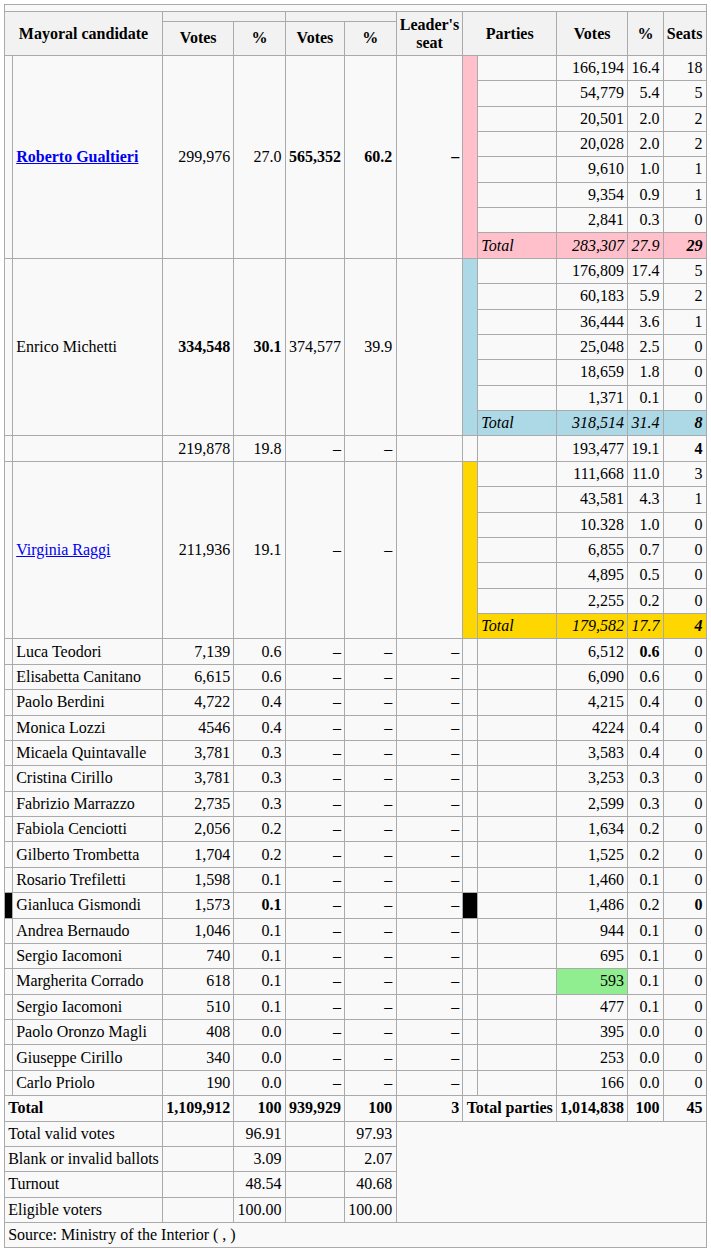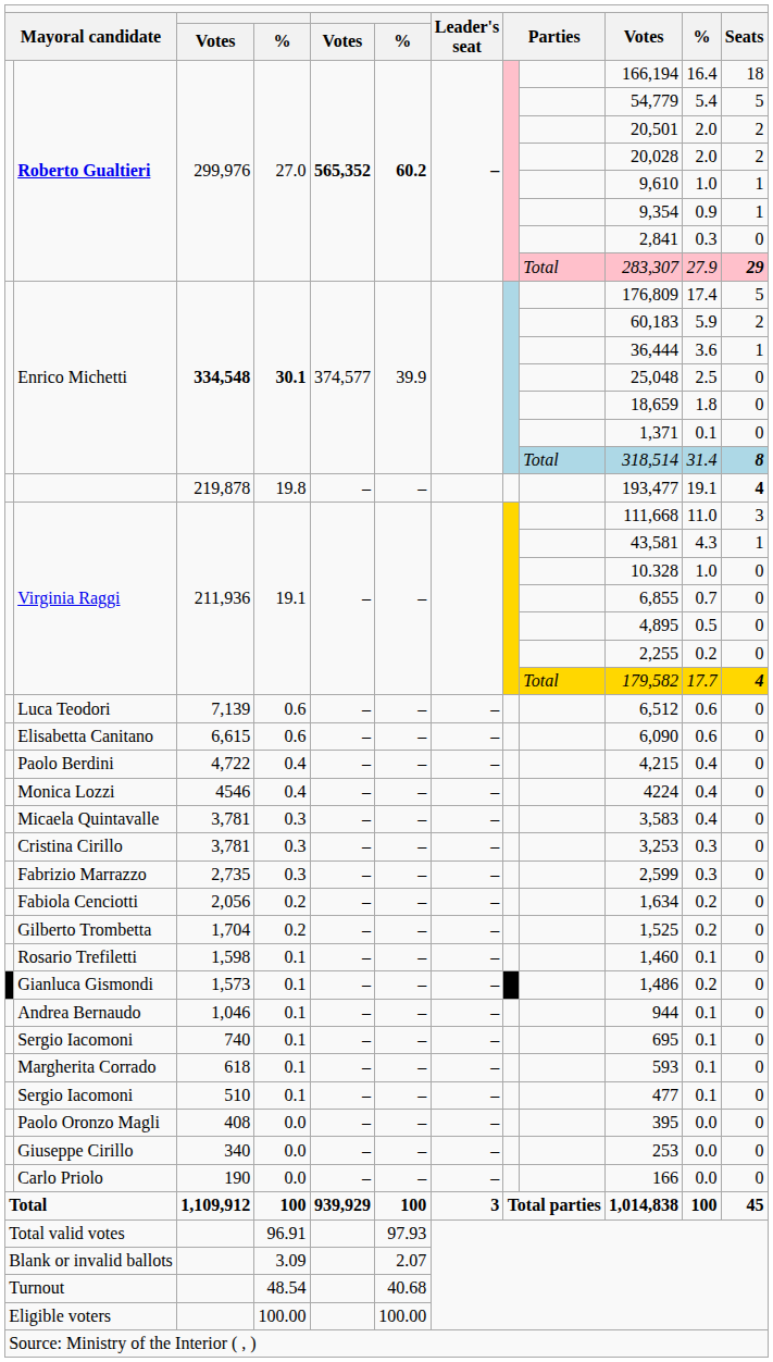 <table class="wikitable" style="text-align:right;">
 <tr>
 <td colspan=12 align=center></td>
 </tr>
 <tr>
 <th colspan=2 rowspan=2>Mayoral candidate</th>
 <th colspan=2></th>
 <th colspan=2></th>
 <th rowspan=2>Leader's<br>seat</th>
 <th colspan=2 rowspan=2>Parties</th>
 <th rowspan=2>Votes</th>
 <th rowspan=2>%</th>
 <th rowspan=2>Seats</th>
 </tr>
 <tr>
 <th>Votes</th>
 <th>%</th>
 <th>Votes</th>
 <th>%</th>
 </tr>
 <tr>
 <td rowspan=8></td>
 <td rowspan=8 align=left><strong><a href='#'>Roberto Gualtieri</a></strong></td>
 <td rowspan=8>299,976</td>
 <td rowspan=8>27.0</td>
 <td rowspan=8><strong>565,352</strong></td>
 <td rowspan=8><strong>60.2</strong></td>
 <td rowspan=8><strong>–</strong></td>
 <td rowspan=8 bgcolor=pink></td>
 <td align=left></td>
 <td>166,194</td>
 <td>16.4</td>
 <td>18</td>
 </tr>
 <tr>
 <td align=left></td>
 <td>54,779</td>
 <td>5.4</td>
 <td>5</td>
 </tr>
 <tr>
 <td align=left></td>
 <td>20,501</td>
 <td>2.0</td>
 <td>2</td>
 </tr>
 <tr>
 <td align=left></td>
 <td>20,028</td>
 <td>2.0</td>
 <td>2</td>
 </tr>
 <tr>
 <td align=left></td>
 <td>9,610</td>
 <td>1.0</td>
 <td>1</td>
 </tr>
 <tr>
 <td align=left></td>
 <td>9,354</td>
 <td>0.9</td>
 <td>1</td>
 </tr>
 <tr>
 <td align=left></td>
 <td>2,841</td>
 <td>0.3</td>
 <td>0</td>
 </tr>
 <tr>
 <td bgcolor=pink align=left><em>Total</em></td>
 <td bgcolor=pink align=right><em>283,307</em></td>
 <td bgcolor=pink align=right><em>27.9</em></td>
 <td bgcolor=pink align=right><strong><em>29</em></strong></td>
 </tr>
 <tr>
 <td rowspan=7></td>
 <td rowspan=7 align=left>Enrico Michetti</td>
 <td rowspan=7><strong>334,548</strong></td>
 <td rowspan=7><strong>30.1</strong></td>
 <td rowspan=7>374,577</td>
 <td rowspan=7>39.9</td>
 <td rowspan=7></td>
 <td rowspan=7 bgcolor=lightblue></td>
 <td align=left></td>
 <td>176,809</td>
 <td>17.4</td>
 <td>5</td>
 </tr>
 <tr>
 <td align=left></td>
 <td>60,183</td>
 <td>5.9</td>
 <td>2</td>
 </tr>
 <tr>
 <td align=left></td>
 <td>36,444</td>
 <td>3.6</td>
 <td>1</td>
 </tr>
 <tr>
 <td align=left></td>
 <td>25,048</td>
 <td>2.5</td>
 <td>0</td>
 </tr>
 <tr>
 <td align=left></td>
 <td>18,659</td>
 <td>1.8</td>
 <td>0</td>
 </tr>
 <tr>
 <td align=left></td>
 <td>1,371</td>
 <td>0.1</td>
 <td>0</td>
 </tr>
 <tr>
 <td bgcolor=lightblue align=left><em>Total</em></td>
 <td bgcolor=lightblue align=right><em>318,514</em></td>
 <td bgcolor=lightblue align=right><em>31.4</em></td>
 <td bgcolor=lightblue align=right><strong><em>8</em></strong></td>
 </tr>
 <tr>
 <td></td>
 <td align=left></td>
 <td>219,878</td>
 <td>19.8</td>
 <td>–</td>
 <td>–</td>
 <td></td>
 <td></td>
 <td align=left></td>
 <td>193,477</td>
 <td>19.1</td>
 <td><strong>4</strong></td>
 </tr>
 <tr>
 <td rowspan=7></td>
 <td rowspan=7 align=left><a href='#'>Virginia Raggi</a></td>
 <td rowspan=7>211,936</td>
 <td rowspan=7>19.1</td>
 <td rowspan=7>–</td>
 <td rowspan=7>–</td>
 <td rowspan=7></td>
 <td rowspan=7 bgcolor=gold></td>
 <td align=left></td>
 <td>111,668</td>
 <td>11.0</td>
 <td>3</td>
 </tr>
 <tr>
 <td align=left></td>
 <td>43,581</td>
 <td>4.3</td>
 <td>1</td>
 </tr>
 <tr>
 <td align=left></td>
 <td>10.328</td>
 <td>1.0</td>
 <td>0</td>
 </tr>
 <tr>
 <td align=left></td>
 <td>6,855</td>
 <td>0.7</td>
 <td>0</td>
 </tr>
 <tr>
 <td align=left></td>
 <td>4,895</td>
 <td>0.5</td>
 <td>0</td>
 </tr>
 <tr>
 <td align=left></td>
 <td>2,255</td>
 <td>0.2</td>
 <td>0</td>
 </tr>
 <tr>
 <td bgcolor=gold align=left><em>Total</em></td>
 <td bgcolor=gold align=right><em>179,582</em></td>
 <td bgcolor=gold align=right><em>17.7</em></td>
 <td bgcolor=gold align=right><strong><em>4</em></strong></td>
 </tr>
 <tr>
 <td></td>
 <td align=left>Luca Teodori</td>
 <td>7,139</td>
 <td>0.6</td>
 <td>–</td>
 <td>–</td>
 <td>–</td>
 <td></td>
 <td align=left></td>
 <td>6,512</td>
-<td><strong>0.6</strong></td>
+<td>0.6</td>
 <td>0</td>
 </tr>
 <tr>
 <td></td>
 <td align=left>Elisabetta Canitano</td>
 <td>6,615</td>
 <td>0.6</td>
 <td>–</td>
 <td>–</td>
 <td>–</td>
 <td></td>
 <td align=left></td>
 <td>6,090</td>
 <td>0.6</td>
 <td>0</td>
 </tr>
 <tr>
 <td></td>
 <td align=left>Paolo Berdini</td>
 <td>4,722</td>
 <td>0.4</td>
 <td>–</td>
 <td>–</td>
 <td>–</td>
 <td></td>
 <td align=left></td>
 <td>4,215</td>
 <td>0.4</td>
 <td>0</td>
 </tr>
 <tr>
 <td></td>
 <td align=left>Monica Lozzi</td>
 <td>4546</td>
 <td>0.4</td>
 <td>–</td>
 <td>–</td>
 <td>–</td>
 <td></td>
 <td align=left></td>
 <td>4224</td>
 <td>0.4</td>
 <td>0</td>
 </tr>
 <tr>
 <td></td>
 <td align=left>Micaela Quintavalle</td>
 <td>3,781</td>
 <td>0.3</td>
 <td>–</td>
 <td>–</td>
 <td>–</td>
 <td></td>
 <td align=left></td>
 <td>3,583</td>
 <td>0.4</td>
 <td>0</td>
 </tr>
 <tr>
 <td></td>
 <td align=left>Cristina Cirillo</td>
 <td>3,781</td>
 <td>0.3</td>
 <td>–</td>
 <td>–</td>
 <td>–</td>
 <td></td>
 <td align=left></td>
 <td>3,253</td>
 <td>0.3</td>
 <td>0</td>
 </tr>
 <tr>
 <td></td>
 <td align=left>Fabrizio Marrazzo</td>
 <td>2,735</td>
 <td>0.3</td>
 <td>–</td>
 <td>–</td>
 <td>–</td>
 <td></td>
 <td align=left></td>
 <td>2,599</td>
 <td>0.3</td>
 <td>0</td>
 </tr>
 <tr>
 <td></td>
 <td align=left>Fabiola Cenciotti</td>
 <td>2,056</td>
 <td>0.2</td>
 <td>–</td>
 <td>–</td>
 <td>–</td>
 <td></td>
 <td align=left></td>
 <td>1,634</td>
 <td>0.2</td>
 <td>0</td>
 </tr>
 <tr>
 <td></td>
 <td align=left>Gilberto Trombetta</td>
 <td>1,704</td>
 <td>0.2</td>
 <td>–</td>
 <td>–</td>
 <td>–</td>
 <td></td>
 <td align=left></td>
 <td>1,525</td>
 <td>0.2</td>
 <td>0</td>
 </tr>
 <tr>
 <td></td>
 <td align=left>Rosario Trefiletti</td>
 <td>1,598</td>
 <td>0.1</td>
 <td>–</td>
 <td>–</td>
 <td>–</td>
 <td></td>
 <td align=left></td>
 <td>1,460</td>
 <td>0.1</td>
 <td>0</td>
 </tr>
 <tr>
 <td style="color:inherit;background:#000000"></td>
 <td align=left>Gianluca Gismondi</td>
 <td>1,573</td>
-<td><strong>0.1</strong></td>
+<td>0.1</td>
 <td>–</td>
 <td>–</td>
 <td>–</td>
 <td style="color:inherit;background:#000000"></td>
 <td align=left></td>
 <td>1,486</td>
 <td>0.2</td>
-<td><strong>0</strong></td>
+<td>0</td>
 </tr>
 <tr>
 <td></td>
 <td align=left>Andrea Bernaudo</td>
 <td>1,046</td>
 <td>0.1</td>
 <td>–</td>
 <td>–</td>
 <td>–</td>
 <td></td>
 <td align=left></td>
 <td>944</td>
 <td>0.1</td>
 <td>0</td>
 </tr>
 <tr>
 <td></td>
 <td align=left>Sergio Iacomoni</td>
 <td>740</td>
 <td>0.1</td>
 <td>–</td>
 <td>–</td>
 <td>–</td>
 <td></td>
 <td align=left></td>
 <td>695</td>
 <td>0.1</td>
 <td>0</td>
 </tr>
 <tr>
 <td></td>
 <td align=left>Margherita Corrado</td>
 <td>618</td>
 <td>0.1</td>
 <td>–</td>
 <td>–</td>
 <td>–</td>
 <td></td>
 <td align=left></td>
-<td style="background: lightgreen;">593</td>
+<td>593</td>
 <td>0.1</td>
 <td>0</td>
 </tr>
 <tr>
 <td></td>
 <td align=left>Sergio Iacomoni</td>
 <td>510</td>
 <td>0.1</td>
 <td>–</td>
 <td>–</td>
 <td>–</td>
 <td></td>
 <td align=left></td>
 <td>477</td>
 <td>0.1</td>
 <td>0</td>
 </tr>
 <tr>
 <td></td>
 <td align=left>Paolo Oronzo Magli</td>
 <td>408</td>
 <td>0.0</td>
 <td>–</td>
 <td>–</td>
 <td>–</td>
 <td></td>
 <td align=left></td>
 <td>395</td>
 <td>0.0</td>
 <td>0</td>
 </tr>
 <tr>
 <td></td>
 <td align=left>Giuseppe Cirillo</td>
 <td>340</td>
 <td>0.0</td>
 <td>–</td>
 <td>–</td>
 <td>–</td>
 <td></td>
 <td align=left></td>
 <td>253</td>
 <td>0.0</td>
 <td>0</td>
 </tr>
 <tr>
 <td></td>
 <td align=left>Carlo Priolo</td>
 <td>190</td>
 <td>0.0</td>
 <td>–</td>
 <td>–</td>
 <td>–</td>
 <td></td>
 <td align=left></td>
 <td>166</td>
 <td>0.0</td>
 <td>0</td>
 </tr>
 <tr>
 <td colspan=2 align=left><strong>Total</strong></td>
 <td><strong>1,109,912</strong></td>
 <td><strong>100</strong></td>
 <td><strong>939,929</strong></td>
 <td><strong>100</strong></td>
 <td><strong>3</strong></td>
 <td colspan=2 align=left><strong>Total parties</strong></td>
 <td><strong>1,014,838</strong></td>
 <td><strong>100</strong></td>
 <td><strong>45</strong></td>
 </tr>
 <tr>
 <td colspan=2 align=left>Total valid votes</td>
 <td></td>
 <td>96.91</td>
 <td></td>
 <td>97.93</td>
 </tr>
 <tr>
 <td colspan=2 align=left>Blank or invalid ballots</td>
 <td></td>
 <td>3.09</td>
 <td></td>
 <td>2.07</td>
 </tr>
 <tr>
 <td colspan=2 align=left>Turnout</td>
 <td></td>
 <td>48.54</td>
 <td></td>
 <td>40.68</td>
 </tr>
 <tr>
 <td colspan=2 align=left>Eligible voters</td>
 <td></td>
 <td>100.00</td>
 <td></td>
 <td>100.00</td>
 </tr>
 <tr>
 <td colspan="12" align=left>Source: Ministry of the Interior ( ,  )</td>
 </tr>
 </table>
